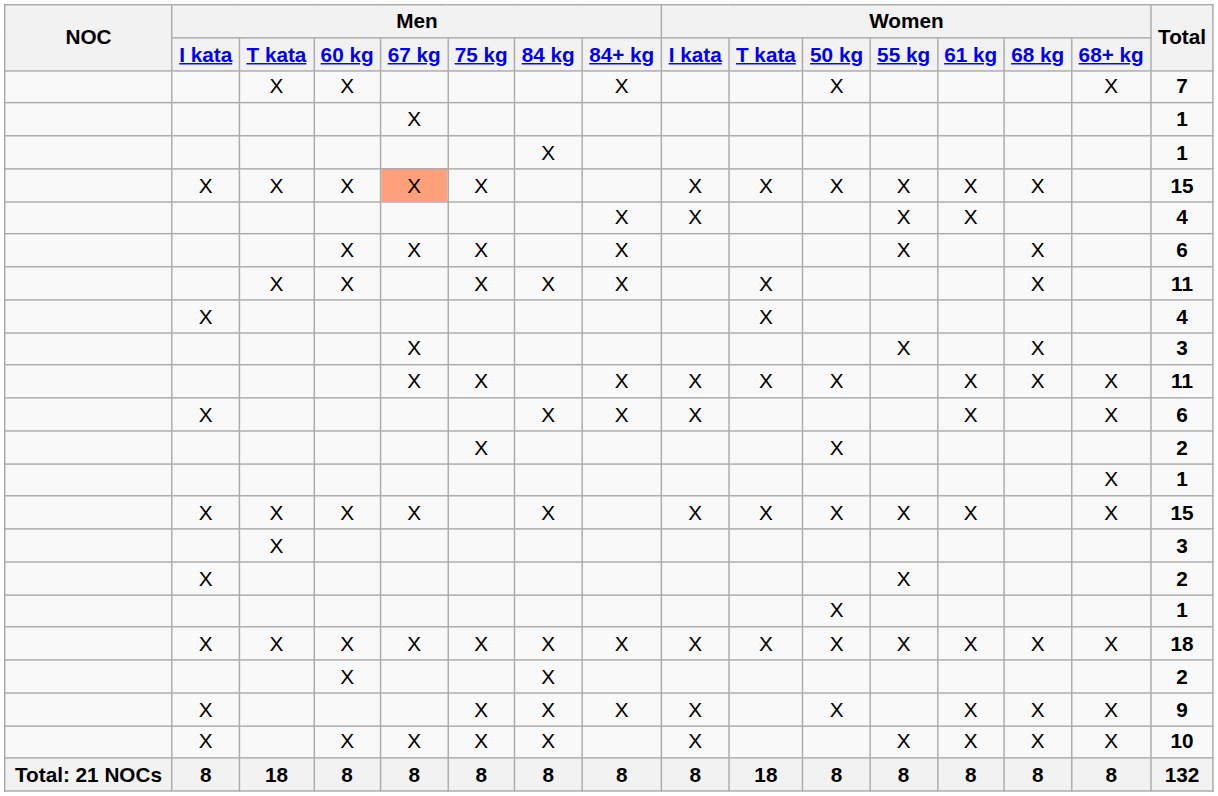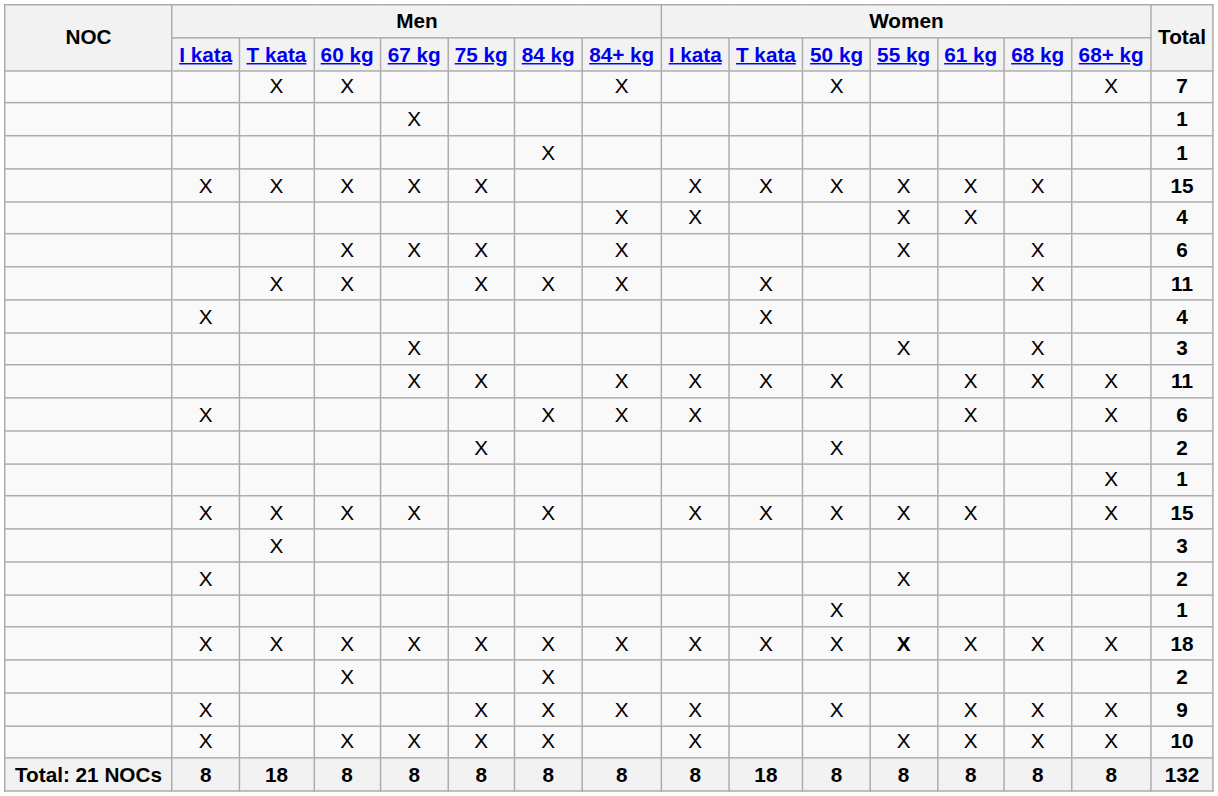 <table class="wikitable" width=840 style="text-align:center; font-size:90%">
 <tr>
 <th rowspan="2" align="left">NOC</th>
 <th colspan="7">Men</th>
 <th colspan="7">Women</th>
 <th rowspan="2">Total</th>
 </tr>
 <tr>
 <th><a href='#'>I kata</a></th>
 <th><a href='#'>T kata</a></th>
 <th><a href='#'>60 kg</a></th>
 <th><a href='#'>67 kg</a></th>
 <th><a href='#'>75 kg</a></th>
 <th><a href='#'>84 kg</a></th>
 <th><a href='#'>84+ kg</a></th>
 <th><a href='#'>I kata</a></th>
 <th><a href='#'>T kata</a></th>
 <th><a href='#'>50 kg</a></th>
 <th><a href='#'>55 kg</a></th>
 <th><a href='#'>61 kg</a></th>
 <th><a href='#'>68 kg</a></th>
 <th><a href='#'>68+ kg</a></th>
 </tr>
 <tr>
 <td align="left"></td>
 <td></td>
 <td>X</td>
 <td>X</td>
 <td></td>
 <td></td>
 <td></td>
 <td>X</td>
 <td></td>
 <td></td>
 <td>X</td>
 <td></td>
 <td></td>
 <td></td>
 <td>X</td>
 <td><strong>7</strong></td>
 </tr>
 <tr>
 <td align="left"></td>
 <td></td>
 <td></td>
 <td></td>
 <td>X</td>
 <td></td>
 <td></td>
 <td></td>
 <td></td>
 <td></td>
 <td></td>
 <td></td>
 <td></td>
 <td></td>
 <td></td>
 <td><strong>1</strong></td>
 </tr>
 <tr>
 <td align="left"></td>
 <td></td>
 <td></td>
 <td></td>
 <td></td>
 <td></td>
 <td>X</td>
 <td></td>
 <td></td>
 <td></td>
 <td></td>
 <td></td>
 <td></td>
 <td></td>
 <td></td>
 <td><strong>1</strong></td>
 </tr>
 <tr>
 <td align="left"></td>
 <td>X</td>
 <td>X</td>
 <td>X</td>
-<td style="background: lightsalmon;">X</td>
+<td>X</td>
 <td>X</td>
 <td></td>
 <td></td>
 <td>X</td>
 <td>X</td>
 <td>X</td>
 <td>X</td>
 <td>X</td>
 <td>X</td>
 <td></td>
 <td><strong>15</strong></td>
 </tr>
 <tr>
 <td align="left"></td>
 <td></td>
 <td></td>
 <td></td>
 <td></td>
 <td></td>
 <td></td>
 <td>X</td>
 <td>X</td>
 <td></td>
 <td></td>
 <td>X</td>
 <td>X</td>
 <td></td>
 <td></td>
 <td><strong>4</strong></td>
 </tr>
 <tr>
 <td align="left"></td>
 <td></td>
 <td></td>
 <td>X</td>
 <td>X</td>
 <td>X</td>
 <td></td>
 <td>X</td>
 <td></td>
 <td></td>
 <td></td>
 <td>X</td>
 <td></td>
 <td>X</td>
 <td></td>
 <td><strong>6</strong></td>
 </tr>
 <tr>
 <td align="left"></td>
 <td></td>
 <td>X</td>
 <td>X</td>
 <td></td>
 <td>X</td>
 <td>X</td>
 <td>X</td>
 <td></td>
 <td>X</td>
 <td></td>
 <td></td>
 <td></td>
 <td>X</td>
 <td></td>
 <td><strong>11</strong></td>
 </tr>
 <tr>
 <td align="left"></td>
 <td>X</td>
 <td></td>
 <td></td>
 <td></td>
 <td></td>
 <td></td>
 <td></td>
 <td></td>
 <td>X</td>
 <td></td>
 <td></td>
 <td></td>
 <td></td>
 <td></td>
 <td><strong>4</strong></td>
 </tr>
 <tr>
 <td align="left"></td>
 <td></td>
 <td></td>
 <td></td>
 <td>X</td>
 <td></td>
 <td></td>
 <td></td>
 <td></td>
 <td></td>
 <td></td>
 <td>X</td>
 <td></td>
 <td>X</td>
 <td></td>
 <td><strong>3</strong></td>
 </tr>
 <tr>
 <td align="left"></td>
 <td></td>
 <td></td>
 <td></td>
 <td>X</td>
 <td>X</td>
 <td></td>
 <td>X</td>
 <td>X</td>
 <td>X</td>
 <td>X</td>
 <td></td>
 <td>X</td>
 <td>X</td>
 <td>X</td>
 <td><strong>11</strong></td>
 </tr>
 <tr>
 <td align="left"></td>
 <td>X</td>
 <td></td>
 <td></td>
 <td></td>
 <td></td>
 <td>X</td>
 <td>X</td>
 <td>X</td>
 <td></td>
 <td></td>
 <td></td>
 <td>X</td>
 <td></td>
 <td>X</td>
 <td><strong>6</strong></td>
 </tr>
 <tr>
 <td align="left"></td>
 <td></td>
 <td></td>
 <td></td>
 <td></td>
 <td>X</td>
 <td></td>
 <td></td>
 <td></td>
 <td></td>
 <td>X</td>
 <td></td>
 <td></td>
 <td></td>
 <td></td>
 <td><strong>2</strong></td>
 </tr>
 <tr>
 <td align="left"></td>
 <td></td>
 <td></td>
 <td></td>
 <td></td>
 <td></td>
 <td></td>
 <td></td>
 <td></td>
 <td></td>
 <td></td>
 <td></td>
 <td></td>
 <td></td>
 <td>X</td>
 <td><strong>1</strong></td>
 </tr>
 <tr>
 <td align="left"></td>
 <td>X</td>
 <td>X</td>
 <td>X</td>
 <td>X</td>
 <td></td>
 <td>X</td>
 <td></td>
 <td>X</td>
 <td>X</td>
 <td>X</td>
 <td>X</td>
 <td>X</td>
 <td></td>
 <td>X</td>
 <td><strong>15</strong></td>
 </tr>
 <tr>
 <td align="left"></td>
 <td></td>
 <td>X</td>
 <td></td>
 <td></td>
 <td></td>
 <td></td>
 <td></td>
 <td></td>
 <td></td>
 <td></td>
 <td></td>
 <td></td>
 <td></td>
 <td></td>
 <td><strong>3</strong></td>
 </tr>
 <tr>
 <td align="left"></td>
 <td>X</td>
 <td></td>
 <td></td>
 <td></td>
 <td></td>
 <td></td>
 <td></td>
 <td></td>
 <td></td>
 <td></td>
 <td>X</td>
 <td></td>
 <td></td>
 <td></td>
 <td><strong>2</strong></td>
 </tr>
 <tr>
 <td align="left"></td>
 <td></td>
 <td></td>
 <td></td>
 <td></td>
 <td></td>
 <td></td>
 <td></td>
 <td></td>
 <td></td>
 <td>X</td>
 <td></td>
 <td></td>
 <td></td>
 <td></td>
 <td><strong>1</strong></td>
 </tr>
 <tr>
 <td align="left"></td>
 <td>X</td>
 <td>X</td>
 <td>X</td>
 <td>X</td>
 <td>X</td>
 <td>X</td>
 <td>X</td>
 <td>X</td>
 <td>X</td>
 <td>X</td>
-<td>X</td>
+<td><strong>X</strong></td>
 <td>X</td>
 <td>X</td>
 <td>X</td>
 <td><strong>18</strong></td>
 </tr>
 <tr>
 <td align="left"></td>
 <td></td>
 <td></td>
 <td>X</td>
 <td></td>
 <td></td>
 <td>X</td>
 <td></td>
 <td></td>
 <td></td>
 <td></td>
 <td></td>
 <td></td>
 <td></td>
 <td></td>
 <td><strong>2</strong></td>
 </tr>
 <tr>
 <td align="left"></td>
 <td>X</td>
 <td></td>
 <td></td>
 <td></td>
 <td>X</td>
 <td>X</td>
 <td>X</td>
 <td>X</td>
 <td></td>
 <td>X</td>
 <td></td>
 <td>X</td>
 <td>X</td>
 <td>X</td>
 <td><strong>9</strong></td>
 </tr>
 <tr>
 <td align="left"></td>
 <td>X</td>
 <td></td>
 <td>X</td>
 <td>X</td>
 <td>X</td>
 <td>X</td>
 <td></td>
 <td>X</td>
 <td></td>
 <td></td>
 <td>X</td>
 <td>X</td>
 <td>X</td>
 <td>X</td>
 <td><strong>10</strong></td>
 </tr>
 <tr>
 <th>Total: 21 NOCs</th>
 <th>8</th>
 <th>18</th>
 <th>8</th>
 <th>8</th>
 <th>8</th>
 <th>8</th>
 <th>8</th>
 <th>8</th>
 <th>18</th>
 <th>8</th>
 <th>8</th>
 <th>8</th>
 <th>8</th>
 <th>8</th>
 <th>132</th>
 </tr>
 </table>
